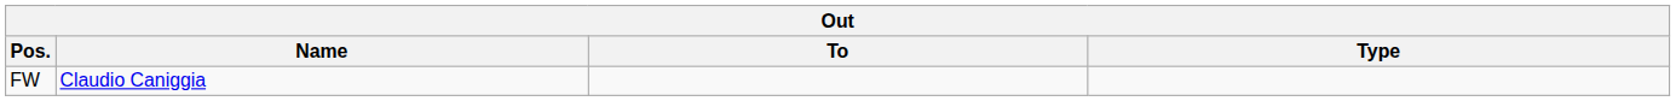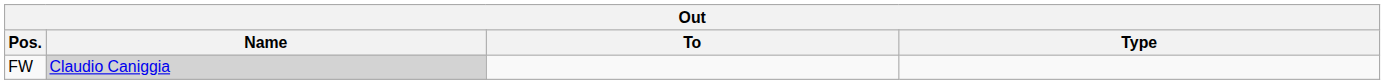 <table class="wikitable" style="font-size:90%;width:99%;">
 <tr>
 <th colspan="4">Out</th>
 </tr>
 <tr>
 <th width=3%>Pos.</th>
 <th width=32%>Name</th>
 <th width=30%>To</th>
 <th width=35%>Type</th>
 </tr>
 <tr>
 <td>FW</td>
-<td><a href='#'>Claudio Caniggia</a></td>
+<td style="background: lightgrey;"><a href='#'>Claudio Caniggia</a></td>
 <td></td>
 <td></td>
 </tr>
 </table>
